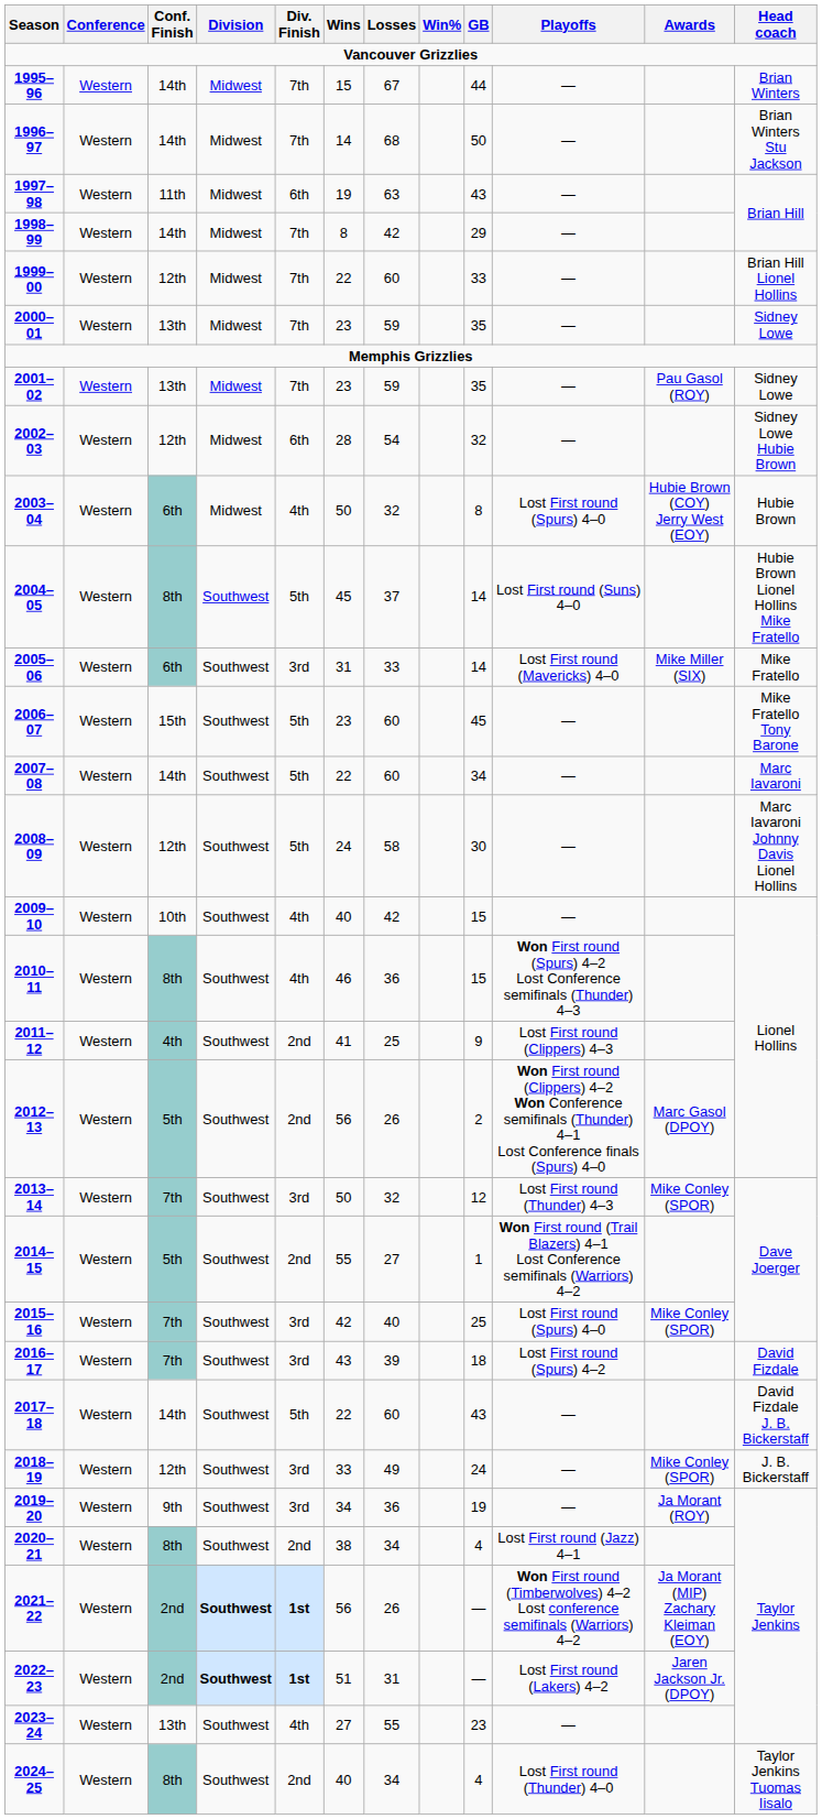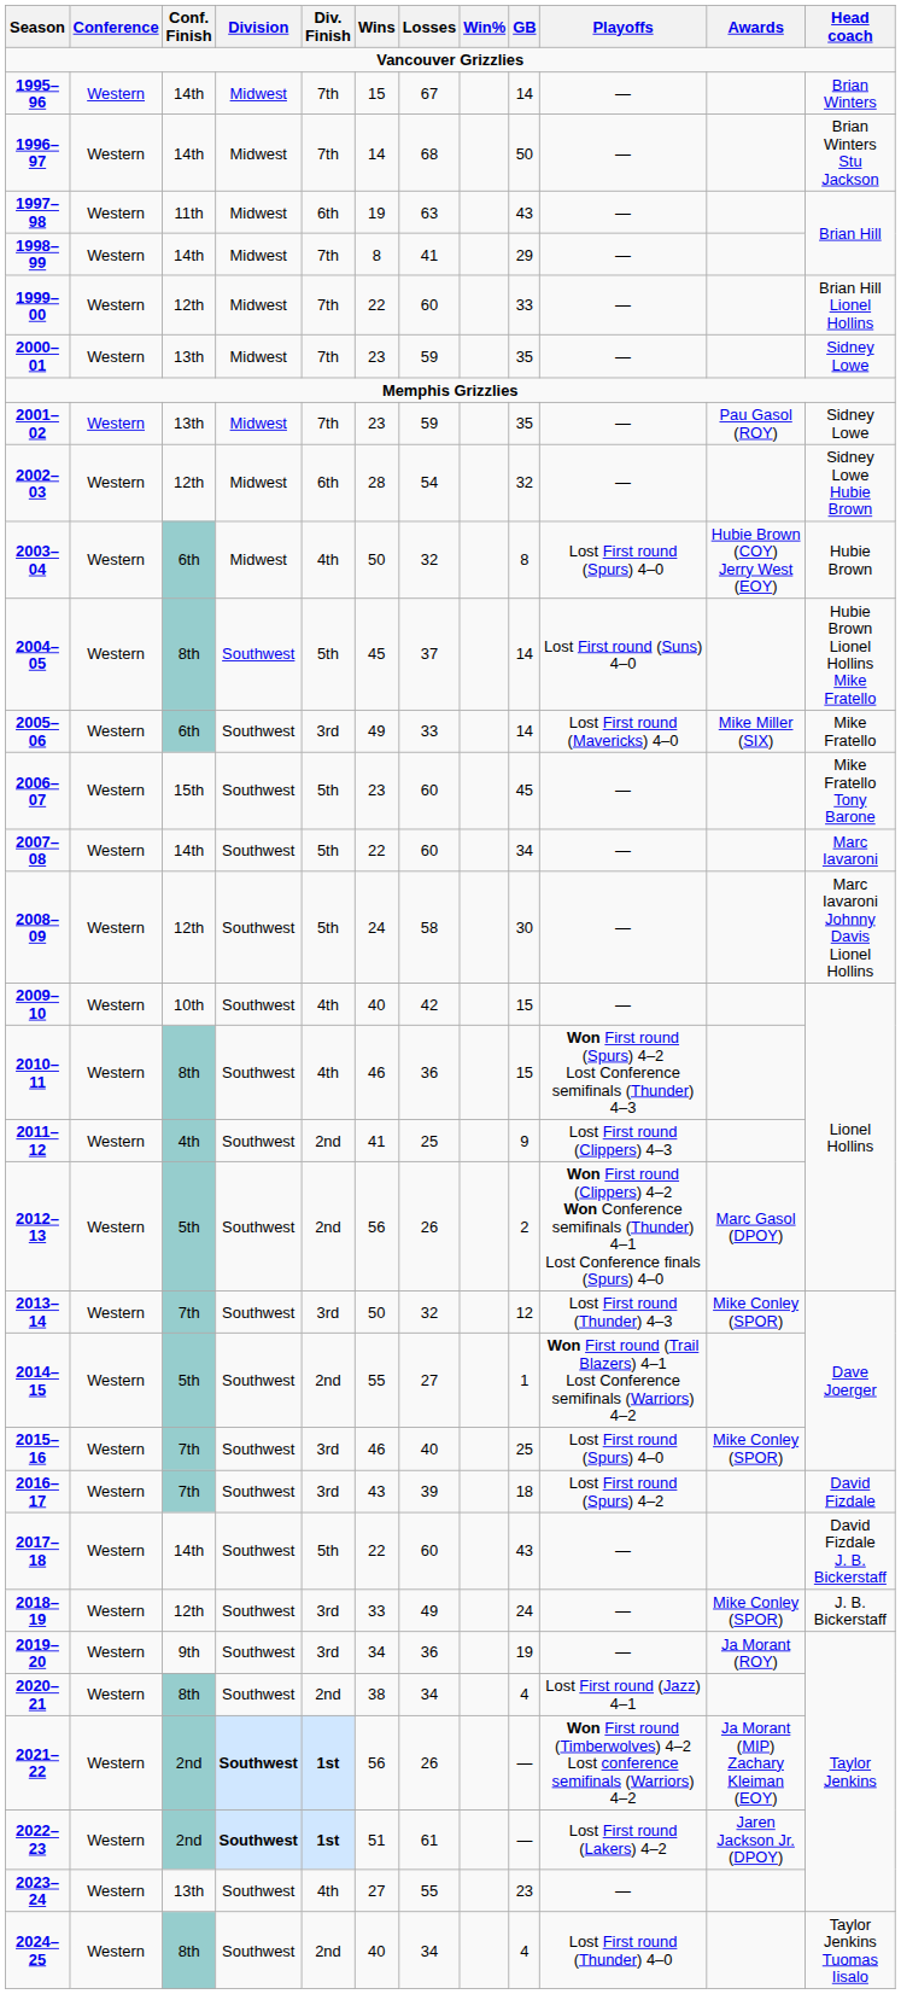 <table class="wikitable plainrowheaders" style="text-align:center; font-size:95%" summary="Season (sortable), Conference, Division, Finish (sortable), Wins (sortable), Losses (sortable), Win% (sortable), GB (sortable), Playoffs and Awards">
 <tr>
 <th scope="col">Season</th>
 <th scope="col" class="unsortable"><a href='#'>Conference</a></th>
 <th scope="col">Conf. <br>Finish</th>
 <th scope="col" class="unsortable"><a href='#'>Division</a></th>
 <th scope="col">Div. <br>Finish</th>
 <th scope="col">Wins</th>
 <th scope="col">Losses</th>
 <th scope="col"><a href='#'>Win%</a></th>
 <th scope="col"><a href='#'>GB</a></th>
 <th scope="col" class="unsortable"><a href='#'>Playoffs</a></th>
 <th scope="col" class="unsortable"><a href='#'>Awards</a></th>
 <th scope="col"><a href='#'>Head coach</a></th>
 </tr>
 <tr>
 <td colspan="12" align="center"><strong>Vancouver Grizzlies</strong></td>
 </tr>
 <tr>
 <th scope="row" style="background-color:transparent;"><a href='#'>1995–96</a></th>
 <td><a href='#'>Western</a></td>
 <td>14th</td>
 <td><a href='#'>Midwest</a></td>
 <td>7th</td>
 <td>15</td>
 <td>67</td>
 <td></td>
-<td>44</td>
+<td>14</td>
 <td>—</td>
 <td></td>
 <td><a href='#'>Brian Winters</a></td>
 </tr>
 <tr>
 <th scope="row" style="background-color:transparent;"><a href='#'>1996–97</a></th>
 <td>Western</td>
 <td>14th</td>
 <td>Midwest</td>
 <td>7th</td>
 <td>14</td>
 <td>68</td>
 <td></td>
 <td>50</td>
 <td>—</td>
 <td></td>
 <td>Brian Winters<br><a href='#'>Stu Jackson</a></td>
 </tr>
 <tr>
 <th scope="row" style="background-color:transparent;"><a href='#'>1997–98</a></th>
 <td>Western</td>
 <td>11th</td>
 <td>Midwest</td>
 <td>6th</td>
 <td>19</td>
 <td>63</td>
 <td></td>
 <td>43</td>
 <td>—</td>
 <td></td>
 <td rowspan=2><a href='#'>Brian Hill</a></td>
 </tr>
 <tr>
 <th scope="row" style="background-color:transparent;"><a href='#'>1998–99</a></th>
 <td>Western</td>
 <td>14th</td>
 <td>Midwest</td>
 <td>7th</td>
 <td>8</td>
-<td>42</td>
+<td>41</td>
 <td></td>
 <td>29</td>
 <td>—</td>
 </tr>
 <tr>
 <th scope="row" style="background-color:transparent;"><a href='#'>1999–00</a></th>
 <td>Western</td>
 <td>12th</td>
 <td>Midwest</td>
 <td>7th</td>
 <td>22</td>
 <td>60</td>
 <td></td>
 <td>33</td>
 <td>—</td>
 <td></td>
 <td>Brian Hill<br><a href='#'>Lionel Hollins</a></td>
 </tr>
 <tr>
 <th scope="row" style="background-color:transparent;"><a href='#'>2000–01</a></th>
 <td>Western</td>
 <td>13th</td>
 <td>Midwest</td>
 <td>7th</td>
 <td>23</td>
 <td>59</td>
 <td></td>
 <td>35</td>
 <td>—</td>
 <td></td>
 <td><a href='#'>Sidney Lowe</a></td>
 </tr>
 <tr>
 <td colspan="12" align=center><strong>Memphis Grizzlies</strong></td>
 </tr>
 <tr>
 <th scope="row" style="background-color:transparent;"><a href='#'>2001–02</a></th>
 <td><a href='#'>Western</a></td>
 <td>13th</td>
 <td><a href='#'>Midwest</a></td>
 <td>7th</td>
 <td>23</td>
 <td>59</td>
 <td></td>
 <td>35</td>
 <td>—</td>
 <td><a href='#'>Pau Gasol</a> (<a href='#'>ROY</a>)</td>
 <td>Sidney Lowe</td>
 </tr>
 <tr>
 <th scope="row" style="background-color:transparent;"><a href='#'>2002–03</a></th>
 <td>Western</td>
 <td>12th</td>
 <td>Midwest</td>
 <td>6th</td>
 <td>28</td>
 <td>54</td>
 <td></td>
 <td>32</td>
 <td>—</td>
 <td></td>
 <td>Sidney Lowe<br><a href='#'>Hubie Brown</a></td>
 </tr>
 <tr>
 <th scope="row" style="background-color:transparent;"><a href='#'>2003–04</a></th>
 <td>Western</td>
 <td bgcolor="#96cdcd">6th</td>
 <td>Midwest</td>
 <td>4th</td>
 <td>50</td>
 <td>32</td>
 <td></td>
 <td>8</td>
 <td>Lost <a href='#'>First round</a> (<a href='#'>Spurs</a>) 4–0</td>
 <td><a href='#'>Hubie Brown</a> (<a href='#'>COY</a>)<br><a href='#'>Jerry West</a> (<a href='#'>EOY</a>)</td>
 <td>Hubie Brown</td>
 </tr>
 <tr>
 <th scope="row" style="background-color:transparent;"><a href='#'>2004–05</a></th>
 <td>Western</td>
 <td bgcolor="#96cdcd">8th</td>
 <td><a href='#'>Southwest</a></td>
 <td>5th</td>
 <td>45</td>
 <td>37</td>
 <td></td>
 <td>14</td>
 <td>Lost <a href='#'>First round</a> (<a href='#'>Suns</a>) 4–0</td>
 <td></td>
 <td>Hubie Brown<br>Lionel Hollins<br><a href='#'>Mike Fratello</a></td>
 </tr>
 <tr>
 <th scope="row" style="background-color:transparent;"><a href='#'>2005–06</a></th>
 <td>Western</td>
 <td bgcolor="#96cdcd">6th</td>
 <td>Southwest</td>
 <td>3rd</td>
-<td>31</td>
+<td>49</td>
 <td>33</td>
 <td></td>
 <td>14</td>
 <td>Lost <a href='#'>First round</a> (<a href='#'>Mavericks</a>) 4–0</td>
 <td><a href='#'>Mike Miller</a> (<a href='#'>SIX</a>)</td>
 <td>Mike Fratello</td>
 </tr>
 <tr>
 <th scope="row" style="background-color:transparent;"><a href='#'>2006–07</a></th>
 <td>Western</td>
 <td>15th</td>
 <td>Southwest</td>
 <td>5th</td>
 <td>23</td>
 <td>60</td>
 <td></td>
 <td>45</td>
 <td>—</td>
 <td></td>
 <td>Mike Fratello<br><a href='#'>Tony Barone</a></td>
 </tr>
 <tr>
 <th scope="row" style="background-color:transparent;"><a href='#'>2007–08</a></th>
 <td>Western</td>
 <td>14th</td>
 <td>Southwest</td>
 <td>5th</td>
 <td>22</td>
 <td>60</td>
 <td></td>
 <td>34</td>
 <td>—</td>
 <td></td>
 <td><a href='#'>Marc Iavaroni</a></td>
 </tr>
 <tr>
 <th scope="row" style="background-color:transparent;"><a href='#'>2008–09</a></th>
 <td>Western</td>
 <td>12th</td>
 <td>Southwest</td>
 <td>5th</td>
 <td>24</td>
 <td>58</td>
 <td></td>
 <td>30</td>
 <td>—</td>
 <td></td>
 <td>Marc Iavaroni<br><a href='#'>Johnny Davis</a><br>Lionel Hollins</td>
 </tr>
 <tr>
 <th scope="row" style="background-color:transparent;"><a href='#'>2009–10</a></th>
 <td>Western</td>
 <td>10th</td>
 <td>Southwest</td>
 <td>4th</td>
 <td>40</td>
 <td>42</td>
 <td></td>
 <td>15</td>
 <td>—</td>
 <td></td>
 <td rowspan=4>Lionel Hollins</td>
 </tr>
 <tr>
 <th scope="row" style="background-color:transparent;"><a href='#'>2010–11</a></th>
 <td>Western</td>
 <td bgcolor="#96cdcd">8th</td>
 <td>Southwest</td>
 <td>4th</td>
 <td>46</td>
 <td>36</td>
 <td></td>
 <td>15</td>
 <td><strong>Won</strong> <a href='#'>First round</a> (<a href='#'>Spurs</a>) 4–2<br>Lost Conference semifinals (<a href='#'>Thunder</a>) 4–3</td>
 <td></td>
 </tr>
 <tr>
 <th scope="row" style="background-color:transparent;"><a href='#'>2011–12</a></th>
 <td>Western</td>
 <td bgcolor="#96cdcd">4th</td>
 <td>Southwest</td>
 <td>2nd</td>
 <td>41</td>
 <td>25</td>
 <td></td>
 <td>9</td>
 <td>Lost <a href='#'>First round</a> (<a href='#'>Clippers</a>) 4–3</td>
 <td></td>
 </tr>
 <tr>
 <th scope="row" style="background-color:transparent;"><a href='#'>2012–13</a></th>
 <td>Western</td>
 <td bgcolor="#96cdcd">5th</td>
 <td>Southwest</td>
 <td>2nd</td>
 <td>56</td>
 <td>26</td>
 <td></td>
 <td>2</td>
 <td><strong>Won</strong> <a href='#'>First round</a> (<a href='#'>Clippers</a>) 4–2<br> <strong>Won</strong> Conference semifinals (<a href='#'>Thunder</a>) 4–1<br>  Lost Conference finals (<a href='#'>Spurs</a>) 4–0</td>
 <td><a href='#'>Marc Gasol</a> (<a href='#'>DPOY</a>)</td>
 </tr>
 <tr>
 <th scope="row" style="background-color:transparent;"><a href='#'>2013–14</a></th>
 <td>Western</td>
 <td bgcolor="#96cdcd">7th</td>
 <td>Southwest</td>
 <td>3rd</td>
 <td>50</td>
 <td>32</td>
 <td></td>
 <td>12</td>
 <td>Lost <a href='#'>First round</a> (<a href='#'>Thunder</a>) 4–3<br></td>
 <td><a href='#'>Mike Conley</a> (<a href='#'>SPOR</a>)</td>
 <td rowspan=3><a href='#'>Dave Joerger</a></td>
 </tr>
 <tr>
 <th scope="row" style="background-color:transparent;"><a href='#'>2014–15</a></th>
 <td>Western</td>
 <td bgcolor="#96cdcd">5th</td>
 <td>Southwest</td>
 <td>2nd</td>
 <td>55</td>
 <td>27</td>
 <td></td>
 <td>1</td>
 <td><strong>Won</strong> <a href='#'>First round</a> (<a href='#'>Trail Blazers</a>) 4–1<br> Lost Conference semifinals (<a href='#'>Warriors</a>) 4–2</td>
 <td></td>
 </tr>
 <tr>
 <th scope="row" style="background-color:transparent;"><a href='#'>2015–16</a></th>
 <td>Western</td>
 <td bgcolor="#96cdcd">7th</td>
 <td>Southwest</td>
 <td>3rd</td>
-<td>42</td>
+<td>46</td>
 <td>40</td>
 <td></td>
 <td>25</td>
 <td>Lost <a href='#'>First round</a> (<a href='#'>Spurs</a>) 4–0</td>
 <td><a href='#'>Mike Conley</a> (<a href='#'>SPOR</a>)</td>
 </tr>
 <tr>
 <th scope="row" style="background-color:transparent;"><a href='#'>2016–17</a></th>
 <td>Western</td>
 <td bgcolor="#96cdcd">7th</td>
 <td>Southwest</td>
 <td>3rd</td>
 <td>43</td>
 <td>39</td>
 <td></td>
 <td>18</td>
 <td>Lost <a href='#'>First round</a> (<a href='#'>Spurs</a>) 4–2</td>
 <td></td>
 <td><a href='#'>David Fizdale</a></td>
 </tr>
 <tr>
 <th scope="row" style="background-color:transparent;"><a href='#'>2017–18</a></th>
 <td>Western</td>
 <td>14th</td>
 <td>Southwest</td>
 <td>5th</td>
 <td>22</td>
 <td>60</td>
 <td></td>
 <td>43</td>
 <td>—</td>
 <td></td>
 <td>David Fizdale<br><a href='#'>J. B. Bickerstaff</a></td>
 </tr>
 <tr>
 <th scope="row" style="background-color:transparent;"><a href='#'>2018–19</a></th>
 <td>Western</td>
 <td>12th</td>
 <td>Southwest</td>
 <td>3rd</td>
 <td>33</td>
 <td>49</td>
 <td></td>
 <td>24</td>
 <td>—</td>
 <td><a href='#'>Mike Conley</a> (<a href='#'>SPOR</a>)</td>
 <td>J. B. Bickerstaff</td>
 </tr>
 <tr>
 <th scope="row" style="background-color:transparent;"><a href='#'>2019–20</a></th>
 <td>Western</td>
 <td>9th</td>
 <td>Southwest</td>
 <td>3rd</td>
 <td>34</td>
 <td>36</td>
 <td></td>
 <td>19</td>
 <td>—</td>
 <td><a href='#'>Ja Morant</a> (<a href='#'>ROY</a>)</td>
 <td rowspan=5><a href='#'>Taylor Jenkins</a></td>
 </tr>
 <tr>
 <th scope="row" style="background-color:transparent;"><a href='#'>2020–21</a></th>
 <td>Western</td>
 <td bgcolor="#96cdcd">8th</td>
 <td>Southwest</td>
 <td>2nd</td>
 <td>38</td>
 <td>34</td>
 <td></td>
 <td>4</td>
 <td>Lost <a href='#'>First round</a> (<a href='#'>Jazz</a>) 4–1</td>
 <td></td>
 </tr>
 <tr>
 <th scope="row" style="background-color:transparent;"><a href='#'>2021–22</a></th>
 <td>Western</td>
 <td bgcolor="#96cdcd">2nd</td>
 <td bgcolor="#d0e7ff"><strong>Southwest</strong></td>
 <td bgcolor="#d0e7ff"><strong>1st</strong></td>
 <td>56</td>
 <td>26</td>
 <td></td>
 <td>—</td>
 <td><strong>Won</strong> <a href='#'>First round</a> (<a href='#'>Timberwolves</a>) 4–2<br> Lost <a href='#'>conference semifinals</a> (<a href='#'>Warriors</a>) 4–2</td>
 <td><a href='#'>Ja Morant</a> (<a href='#'>MIP</a>)<br><a href='#'>Zachary Kleiman</a> (<a href='#'>EOY</a>)</td>
 </tr>
 <tr>
 <th scope="row" style="background-color:transparent;"><a href='#'>2022–23</a></th>
 <td>Western</td>
 <td bgcolor="#96cdcd">2nd</td>
 <td bgcolor="#d0e7ff"><strong>Southwest</strong></td>
 <td bgcolor="#d0e7ff"><strong>1st</strong></td>
 <td>51</td>
-<td>31</td>
+<td>61</td>
 <td></td>
 <td>—</td>
 <td>Lost <a href='#'>First round</a> (<a href='#'>Lakers</a>) 4–2</td>
 <td><a href='#'>Jaren Jackson Jr.</a> (<a href='#'>DPOY</a>)</td>
 </tr>
 <tr>
 <th scope="row" style="background-color:transparent;"><a href='#'>2023–24</a></th>
 <td>Western</td>
 <td>13th</td>
 <td>Southwest</td>
 <td>4th</td>
 <td>27</td>
 <td>55</td>
 <td></td>
 <td>23</td>
 <td>—</td>
 <td></td>
 </tr>
 <tr>
 <th scope="row" style="background-color:transparent;"><a href='#'>2024–25</a></th>
 <td>Western</td>
 <td bgcolor="#96cdcd">8th</td>
 <td>Southwest</td>
 <td>2nd</td>
 <td>40</td>
 <td>34</td>
 <td></td>
 <td>4</td>
 <td>Lost <a href='#'>First round</a> (<a href='#'>Thunder</a>) 4–0</td>
 <td></td>
 <td>Taylor Jenkins<br><a href='#'>Tuomas Iisalo</a></td>
 </tr>
 </table>
